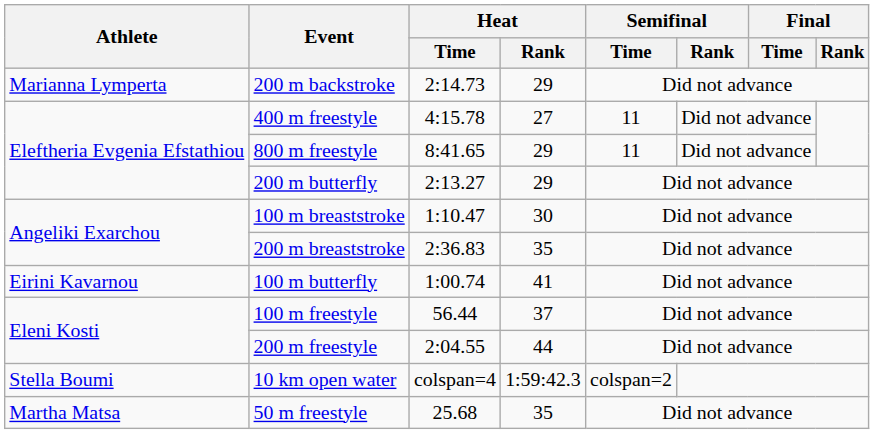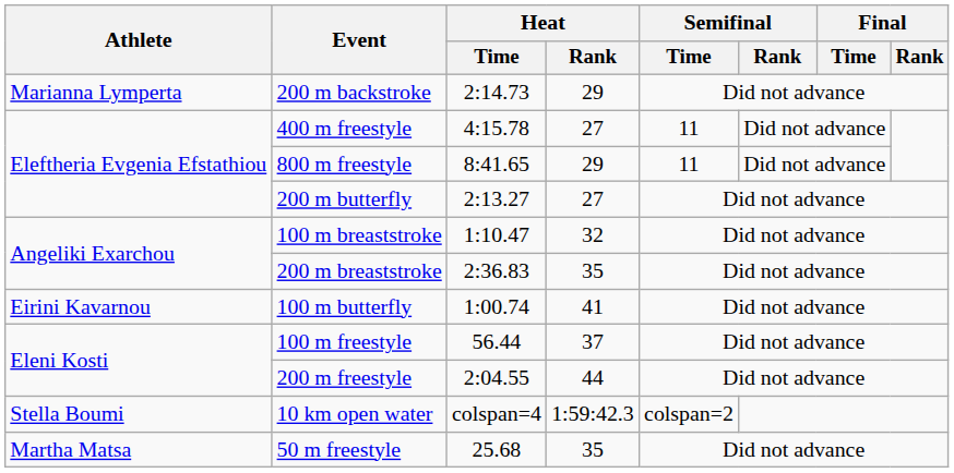 <table class=wikitable style="font-size:90%">
 <tr>
 <th rowspan="2">Athlete</th>
 <th rowspan="2">Event</th>
 <th colspan="2">Heat</th>
 <th colspan="2">Semifinal</th>
 <th colspan="2">Final</th>
 </tr>
 <tr style="font-size:95%">
 <th>Time</th>
 <th>Rank</th>
 <th>Time</th>
 <th>Rank</th>
 <th>Time</th>
 <th>Rank</th>
 </tr>
 <tr align=center>
 <td align=left><a href='#'>Marianna Lymperta</a></td>
 <td align=left><a href='#'>200 m backstroke</a></td>
 <td>2:14.73</td>
 <td>29</td>
 <td colspan=4>Did not advance</td>
 </tr>
 <tr align=center>
 <td align=left rowspan=3><a href='#'>Eleftheria Evgenia Efstathiou</a></td>
 <td align=left><a href='#'>400 m freestyle</a></td>
 <td>4:15.78</td>
 <td>27</td>
 <td>11</td>
 <td colspan=2>Did not advance</td>
 </tr>
 <tr align=center>
 <td align=left><a href='#'>800 m freestyle</a></td>
 <td>8:41.65</td>
 <td>29</td>
 <td>11</td>
 <td colspan=2>Did not advance</td>
 </tr>
 <tr align=center>
 <td align=left><a href='#'>200 m butterfly</a></td>
 <td>2:13.27</td>
-<td>29</td>
+<td>27</td>
 <td colspan=4>Did not advance</td>
 </tr>
 <tr align=center>
 <td align=left rowspan=2><a href='#'>Angeliki Exarchou</a></td>
 <td align=left><a href='#'>100 m breaststroke</a></td>
 <td>1:10.47</td>
-<td>30</td>
+<td>32</td>
 <td colspan=4>Did not advance</td>
 </tr>
 <tr align=center>
 <td align=left><a href='#'>200 m breaststroke</a></td>
 <td>2:36.83</td>
 <td>35</td>
 <td colspan=4>Did not advance</td>
 </tr>
 <tr align=center>
 <td align=left><a href='#'>Eirini Kavarnou</a></td>
 <td align=left><a href='#'>100 m butterfly</a></td>
 <td>1:00.74</td>
 <td>41</td>
 <td colspan=4>Did not advance</td>
 </tr>
 <tr align=center>
 <td align=left rowspan=2><a href='#'>Eleni Kosti</a></td>
 <td align=left><a href='#'>100 m freestyle</a></td>
 <td>56.44</td>
 <td>37</td>
 <td colspan=4>Did not advance</td>
 </tr>
 <tr align=center>
 <td align=left><a href='#'>200 m freestyle</a></td>
 <td>2:04.55</td>
 <td>44</td>
 <td colspan=4>Did not advance</td>
 </tr>
 <tr align=center>
 <td align=left><a href='#'>Stella Boumi</a></td>
 <td align=left><a href='#'>10 km open water</a></td>
 <td>colspan=4 </td>
 <td>1:59:42.3</td>
 <td>colspan=2 </td>
 </tr>
 <tr align=center>
 <td align=left><a href='#'>Martha Matsa</a></td>
 <td align=left><a href='#'>50 m freestyle</a></td>
 <td>25.68</td>
 <td>35</td>
 <td colspan=4>Did not advance</td>
 </tr>
 </table>
